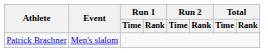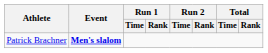 <table class="wikitable" style="font-size:90%">
 <tr>
 <th rowspan=2>Athlete</th>
 <th rowspan=2>Event</th>
 <th colspan=2>Run 1</th>
 <th colspan=2>Run 2</th>
 <th colspan=2>Total</th>
 </tr>
 <tr style="font-size:95%">
 <th>Time</th>
 <th>Rank</th>
 <th>Time</th>
 <th>Rank</th>
 <th>Time</th>
 <th>Rank</th>
 </tr>
 <tr align=center>
 <td align=left><a href='#'>Patrick Brachner</a></td>
-<td align=left><a href='#'>Men's slalom</a></td>
+<td align=left><strong><a href='#'>Men's slalom</a></strong></td>
 <td colspan=6></td>
 </tr>
 </table>
